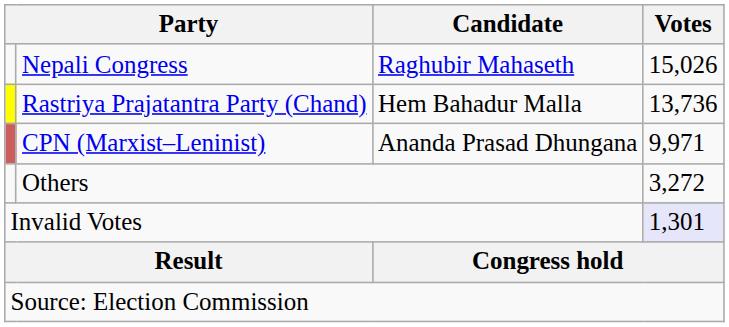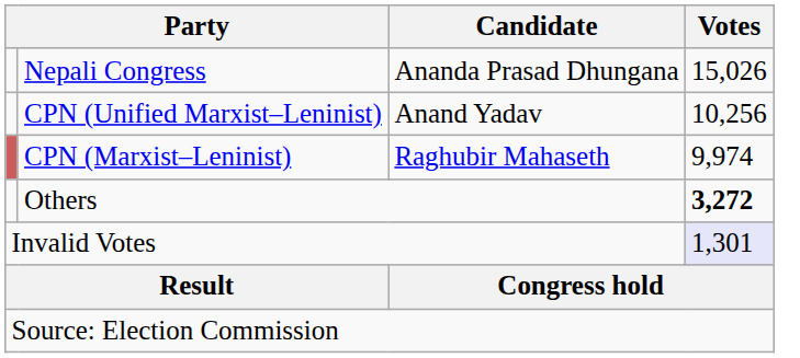 <table class="wikitable">
 <tr>
 <th colspan="2">Party</th>
 <th>Candidate</th>
 <th>Votes</th>
 </tr>
 <tr>
 <td style="background-color:"></td>
 <td><a href='#'>Nepali Congress</a></td>
-<td><a href='#'>Raghubir Mahaseth</a></td>
+<td>Ananda Prasad Dhungana</td>
 <td>15,026</td>
 </tr>
 <tr>
-<td style="background-color:yellow"></td>
-<td><a href='#'>Rastriya Prajatantra Party (Chand)</a></td>
-<td>Hem Bahadur Malla</td>
-<td>13,736</td>
+<td style="background-color:"></td>
+<td><a href='#'>CPN (Unified Marxist–Leninist)</a></td>
+<td>Anand Yadav</td>
+<td>10,256</td>
 </tr>
 <tr>
 <td style="background-color:indianred"></td>
 <td><a href='#'>CPN (Marxist–Leninist)</a></td>
-<td>Ananda Prasad Dhungana</td>
-<td>9,971</td>
+<td><a href='#'>Raghubir Mahaseth</a></td>
+<td>9,974</td>
 </tr>
 <tr>
 <td></td>
 <td colspan="2">Others</td>
-<td>3,272</td>
+<td><strong>3,272</strong></td>
 </tr>
 <tr>
 <td colspan="3">Invalid Votes</td>
 <td style="background: lavender;">1,301</td>
 </tr>
 <tr>
 <th colspan="2">Result</th>
 <th colspan="2">Congress hold</th>
 </tr>
 <tr>
 <td colspan="4">Source: Election Commission</td>
 </tr>
 </table>
